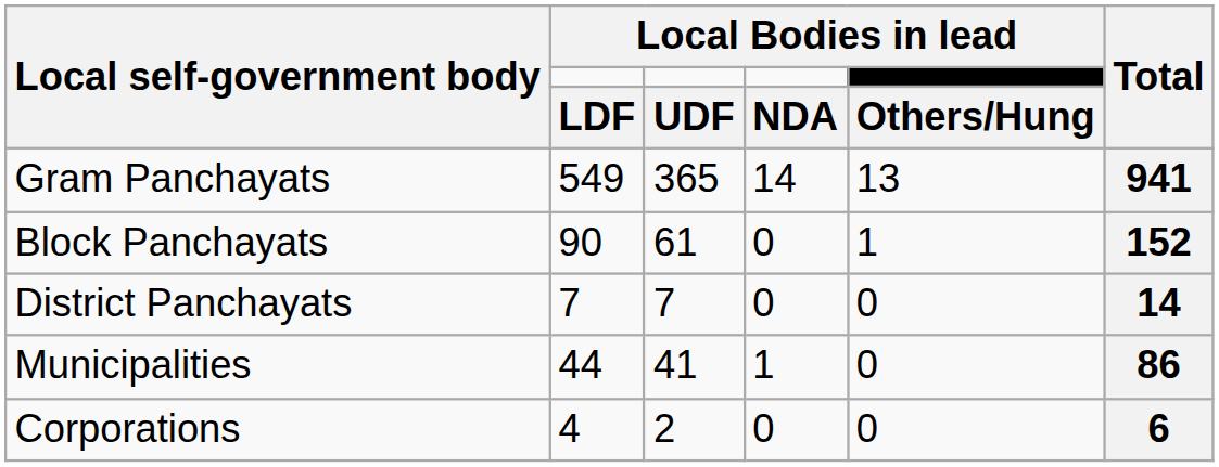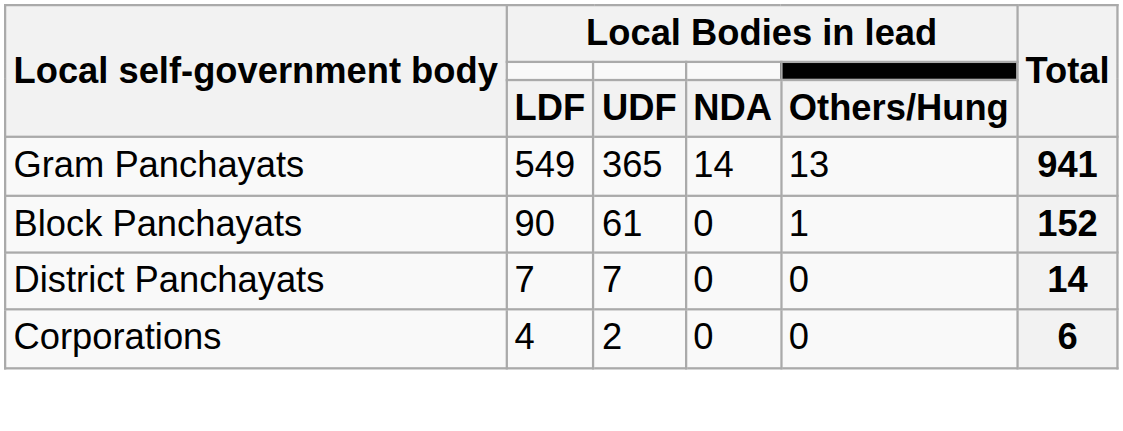 <table class="wikitable mw-collapsible mw-collapsed">
 <tr>
 <th rowspan="3">Local self-government body</th>
 <th colspan="4">Local Bodies in lead</th>
 <th rowspan="3">Total</th>
 </tr>
 <tr>
 <td style="background:"></td>
 <td style="background:"></td>
 <td style="background:"></td>
 <td style="background:black"></td>
 </tr>
 <tr>
 <th>LDF</th>
 <th>UDF</th>
 <th>NDA</th>
 <th>Others/Hung</th>
 </tr>
 <tr>
 <td>Gram Panchayats</td>
 <td>549</td>
 <td>365</td>
 <td>14</td>
 <td>13</td>
 <th>941</th>
 </tr>
 <tr>
 <td>Block Panchayats</td>
 <td>90</td>
 <td>61</td>
 <td>0</td>
 <td>1</td>
 <th>152</th>
 </tr>
 <tr>
 <td>District Panchayats</td>
 <td>7</td>
 <td>7</td>
 <td>0</td>
 <td>0</td>
 <th>14</th>
 </tr>
 <tr>
-<td>Municipalities</td>
-<td>44</td>
-<td>41</td>
-<td>1</td>
-<td>0</td>
-<th>86</th>
-</tr>
-<tr>
 <td>Corporations</td>
 <td>4</td>
 <td>2</td>
 <td>0</td>
 <td>0</td>
 <th>6</th>
 </tr>
 </table>
